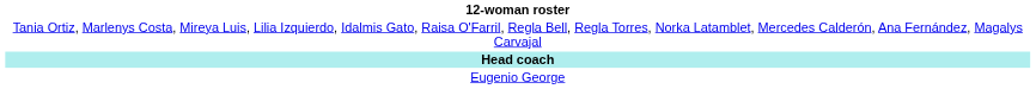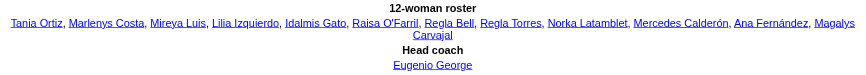 <table style="text-align:center; margin-top:2em; margin-left:auto; margin-right:auto">
 <tr>
 <td><strong>12-woman roster</strong></td>
 </tr>
 <tr>
 <td><a href='#'>Tania Ortiz</a>, <a href='#'>Marlenys Costa</a>, <a href='#'>Mireya Luis</a>, <a href='#'>Lilia Izquierdo</a>, <a href='#'>Idalmis Gato</a>, <a href='#'>Raisa O'Farril</a>, <a href='#'>Regla Bell</a>, <a href='#'>Regla Torres</a>, <a href='#'>Norka Latamblet</a>, <a href='#'>Mercedes Calderón</a>, <a href='#'>Ana Fernández</a>, <a href='#'>Magalys Carvajal</a></td>
 </tr>
 <tr>
-<td style="background: paleturquoise;"><strong>Head coach</strong></td>
+<td><strong>Head coach</strong></td>
 </tr>
 <tr>
 <td><a href='#'>Eugenio George</a></td>
 </tr>
 </table>
